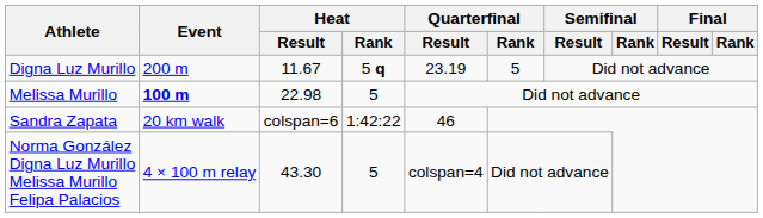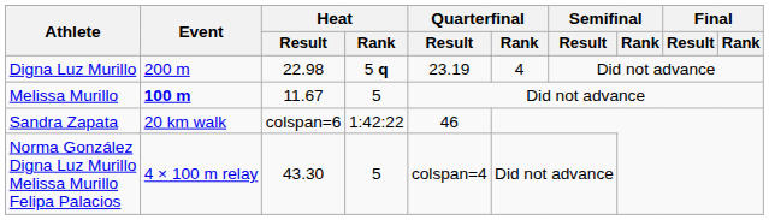 <table class=wikitable style="font-size:90%">
 <tr>
 <th rowspan="2">Athlete</th>
 <th rowspan="2">Event</th>
 <th colspan="2">Heat</th>
 <th colspan="2">Quarterfinal</th>
 <th colspan="2">Semifinal</th>
 <th colspan="2">Final</th>
 </tr>
 <tr style="font-size:95%">
 <th>Result</th>
 <th>Rank</th>
 <th>Result</th>
 <th>Rank</th>
 <th>Result</th>
 <th>Rank</th>
 <th>Result</th>
 <th>Rank</th>
 </tr>
 <tr align=center>
 <td align=left><a href='#'>Digna Luz Murillo</a></td>
 <td align=left><a href='#'>200 m</a></td>
-<td>11.67</td>
+<td>22.98</td>
 <td>5 <strong>q</strong></td>
 <td>23.19</td>
-<td>5</td>
+<td>4</td>
 <td colspan=4>Did not advance</td>
 </tr>
 <tr align=center>
 <td align=left><a href='#'>Melissa Murillo</a></td>
 <td align=left><strong><a href='#'>100 m</a></strong></td>
-<td>22.98</td>
+<td>11.67</td>
 <td>5</td>
 <td colspan=6>Did not advance</td>
 </tr>
 <tr align=center>
 <td align=left><a href='#'>Sandra Zapata</a></td>
 <td align=left><a href='#'>20 km walk</a></td>
 <td>colspan=6 </td>
 <td>1:42:22</td>
 <td>46</td>
 </tr>
 <tr align=center>
 <td align=left><a href='#'>Norma González</a><br><a href='#'>Digna Luz Murillo</a><br><a href='#'>Melissa Murillo</a><br><a href='#'>Felipa Palacios</a></td>
 <td align=left><a href='#'>4 × 100 m relay</a></td>
 <td>43.30</td>
 <td>5</td>
 <td>colspan=4 </td>
 <td colspan=2>Did not advance</td>
 </tr>
 </table>
